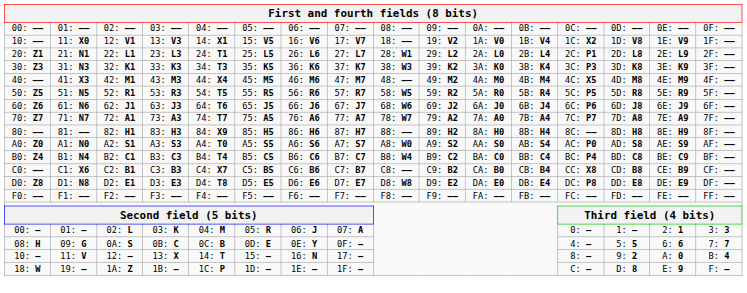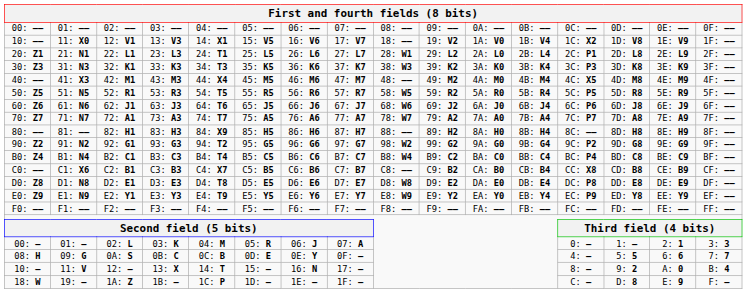 <table class="wikitable" style="text-align: center; font-family: monospace;">
 <tr>
 <th colspan=16 style="font-size: 125%; border: 1px solid red;"><strong>First and fourth fields (8 bits)</strong></th>
 </tr>
 <tr style="line-height: 100%;" width=6%>
 <td> 00: <strong>––</strong> </td>
 <td> 01: <strong>––</strong> </td>
 <td> 02: <strong>––</strong> </td>
 <td> 03: <strong>––</strong> </td>
 <td> 04: <strong>––</strong> </td>
 <td> 05: <strong>––</strong> </td>
 <td> 06: <strong>––</strong> </td>
 <td> 07: <strong>––</strong> </td>
 <td> 08: <strong>––</strong> </td>
 <td> 09: <strong>––</strong> </td>
 <td> 0A: <strong>––</strong> </td>
 <td> 0B: <strong>––</strong> </td>
 <td> 0C: <strong>––</strong> </td>
 <td> 0D: <strong>––</strong> </td>
 <td> 0E: <strong>––</strong> </td>
 <td> 0F: <strong>––</strong> </td>
 </tr>
 <tr style="line-height: 100%;">
 <td>10: <strong>––</strong></td>
 <td>11: <strong>X0</strong></td>
 <td>12: <strong>V1</strong></td>
 <td>13: <strong>V3</strong></td>
 <td>14: <strong>X1</strong></td>
 <td>15: <strong>V5</strong></td>
 <td>16: <strong>V6</strong></td>
 <td>17: <strong>V7</strong></td>
 <td>18: <strong>––</strong></td>
 <td>19: <strong>V2</strong></td>
 <td>1A: <strong>V0</strong></td>
 <td>1B: <strong>V4</strong></td>
 <td>1C: <strong>X2</strong></td>
 <td>1D: <strong>V8</strong></td>
 <td>1E: <strong>V9</strong></td>
 <td>1F: <strong>––</strong></td>
 </tr>
 <tr style="line-height: 100%;">
 <td>20: <strong>Z1</strong></td>
 <td>21: <strong>N1</strong></td>
 <td>22: <strong>L1</strong></td>
 <td>23: <strong>L3</strong></td>
 <td>24: <strong>T1</strong></td>
 <td>25: <strong>L5</strong></td>
 <td>26: <strong>L6</strong></td>
 <td>27: <strong>L7</strong></td>
 <td>28: <strong>W1</strong></td>
 <td>29: <strong>L2</strong></td>
 <td>2A: <strong>L0</strong></td>
 <td>2B: <strong>L4</strong></td>
 <td>2C: <strong>P1</strong></td>
 <td>2D: <strong>L8</strong></td>
 <td>2E: <strong>L9</strong></td>
 <td>2F: <strong>––</strong></td>
 </tr>
 <tr style="line-height: 100%;">
 <td>30: <strong>Z3</strong></td>
 <td>31: <strong>N3</strong></td>
 <td>32: <strong>K1</strong></td>
 <td>33: <strong>K3</strong></td>
 <td>34: <strong>T3</strong></td>
 <td>35: <strong>K5</strong></td>
 <td>36: <strong>K6</strong></td>
 <td>37: <strong>K7</strong></td>
 <td>38: <strong>W3</strong></td>
 <td>39: <strong>K2</strong></td>
 <td>3A: <strong>K0</strong></td>
 <td>3B: <strong>K4</strong></td>
 <td>3C: <strong>P3</strong></td>
 <td>3D: <strong>K8</strong></td>
 <td>3E: <strong>K9</strong></td>
 <td>3F: <strong>––</strong></td>
 </tr>
 <tr style="line-height: 100%;">
 <td>40: <strong>––</strong></td>
 <td>41: <strong>X3</strong></td>
 <td>42: <strong>M1</strong></td>
 <td>43: <strong>M3</strong></td>
 <td>44: <strong>X4</strong></td>
 <td>45: <strong>M5</strong></td>
 <td>46: <strong>M6</strong></td>
 <td>47: <strong>M7</strong></td>
 <td>48: <strong>––</strong></td>
 <td>49: <strong>M2</strong></td>
 <td>4A: <strong>M0</strong></td>
 <td>4B: <strong>M4</strong></td>
 <td>4C: <strong>X5</strong></td>
 <td>4D: <strong>M8</strong></td>
 <td>4E: <strong>M9</strong></td>
 <td>4F: <strong>––</strong></td>
 </tr>
 <tr style="line-height: 100%;">
 <td>50: <strong>Z5</strong></td>
 <td>51: <strong>N5</strong></td>
 <td>52: <strong>R1</strong></td>
 <td>53: <strong>R3</strong></td>
 <td>54: <strong>T5</strong></td>
 <td>55: <strong>R5</strong></td>
 <td>56: <strong>R6</strong></td>
 <td>57: <strong>R7</strong></td>
 <td>58: <strong>W5</strong></td>
 <td>59: <strong>R2</strong></td>
 <td>5A: <strong>R0</strong></td>
 <td>5B: <strong>R4</strong></td>
 <td>5C: <strong>P5</strong></td>
 <td>5D: <strong>R8</strong></td>
 <td>5E: <strong>R9</strong></td>
 <td>5F: <strong>––</strong></td>
 </tr>
 <tr style="line-height: 100%;">
 <td>60: <strong>Z6</strong></td>
 <td>61: <strong>N6</strong></td>
 <td>62: <strong>J1</strong></td>
 <td>63: <strong>J3</strong></td>
 <td>64: <strong>T6</strong></td>
 <td>65: <strong>J5</strong></td>
 <td>66: <strong>J6</strong></td>
 <td>67: <strong>J7</strong></td>
 <td>68: <strong>W6</strong></td>
 <td>69: <strong>J2</strong></td>
 <td>6A: <strong>J0</strong></td>
 <td>6B: <strong>J4</strong></td>
 <td>6C: <strong>P6</strong></td>
 <td>6D: <strong>J8</strong></td>
 <td>6E: <strong>J9</strong></td>
 <td>6F: <strong>––</strong></td>
 </tr>
 <tr style="line-height: 100%;">
 <td>70: <strong>Z7</strong></td>
 <td>71: <strong>N7</strong></td>
 <td>72: <strong>A1</strong></td>
 <td>73: <strong>A3</strong></td>
 <td>74: <strong>T7</strong></td>
 <td>75: <strong>A5</strong></td>
 <td>76: <strong>A6</strong></td>
 <td>77: <strong>A7</strong></td>
 <td>78: <strong>W7</strong></td>
 <td>79: <strong>A2</strong></td>
 <td>7A: <strong>A0</strong></td>
 <td>7B: <strong>A4</strong></td>
 <td>7C: <strong>P7</strong></td>
 <td>7D: <strong>A8</strong></td>
 <td>7E: <strong>A9</strong></td>
 <td>7F: <strong>––</strong></td>
 </tr>
 <tr style="line-height: 100%;">
 <td>80: <strong>––</strong></td>
 <td>81: <strong>––</strong></td>
 <td>82: <strong>H1</strong></td>
 <td>83: <strong>H3</strong></td>
 <td>84: <strong>X9</strong></td>
 <td>85: <strong>H5</strong></td>
 <td>86: <strong>H6</strong></td>
 <td>87: <strong>H7</strong></td>
 <td>88: <strong>––</strong></td>
 <td>89: <strong>H2</strong></td>
 <td>8A: <strong>H0</strong></td>
 <td>8B: <strong>H4</strong></td>
 <td>8C: <strong>––</strong></td>
 <td>8D: <strong>H8</strong></td>
 <td>8E: <strong>H9</strong></td>
 <td>8F: <strong>––</strong></td>
 </tr>
 <tr style="line-height: 100%;">
-<td>A0: <strong>Z0</strong></td>
-<td>A1: <strong>N0</strong></td>
-<td>A2: <strong>S1</strong></td>
-<td>A3: <strong>S3</strong></td>
-<td>A4: <strong>T0</strong></td>
-<td>A5: <strong>S5</strong></td>
-<td>A6: <strong>S6</strong></td>
-<td>A7: <strong>S7</strong></td>
-<td>A8: <strong>W0</strong></td>
-<td>A9: <strong>S2</strong></td>
-<td>AA: <strong>S0</strong></td>
-<td>AB: <strong>S4</strong></td>
-<td>AC: <strong>P0</strong></td>
-<td>AD: <strong>S8</strong></td>
-<td>AE: <strong>S9</strong></td>
-<td>AF: <strong>––</strong></td>
+<td>90: <strong>Z2</strong></td>
+<td>91: <strong>N2</strong></td>
+<td>92: <strong>G1</strong></td>
+<td>93: <strong>G3</strong></td>
+<td>94: <strong>T2</strong></td>
+<td>95: <strong>G5</strong></td>
+<td>96: <strong>G6</strong></td>
+<td>97: <strong>G7</strong></td>
+<td>98: <strong>W2</strong></td>
+<td>99: <strong>G2</strong></td>
+<td>9A: <strong>G0</strong></td>
+<td>9B: <strong>G4</strong></td>
+<td>9C: <strong>P2</strong></td>
+<td>9D: <strong>G8</strong></td>
+<td>9E: <strong>G9</strong></td>
+<td>9F: <strong>––</strong></td>
 </tr>
 <tr style="line-height: 100%;">
 <td>B0: <strong>Z4</strong></td>
 <td>B1: <strong>N4</strong></td>
 <td>B2: <strong>C1</strong></td>
 <td>B3: <strong>C3</strong></td>
 <td>B4: <strong>T4</strong></td>
 <td>B5: <strong>C5</strong></td>
 <td>B6: <strong>C6</strong></td>
 <td>B7: <strong>C7</strong></td>
 <td>B8: <strong>W4</strong></td>
 <td>B9: <strong>C2</strong></td>
 <td>BA: <strong>C0</strong></td>
 <td>BB: <strong>C4</strong></td>
 <td>BC: <strong>P4</strong></td>
 <td>BD: <strong>C8</strong></td>
 <td>BE: <strong>C9</strong></td>
 <td>BF: <strong>––</strong></td>
 </tr>
 <tr style="line-height: 100%;">
 <td>C0: <strong>––</strong></td>
 <td>C1: <strong>X6</strong></td>
 <td>C2: <strong>B1</strong></td>
 <td>C3: <strong>B3</strong></td>
 <td>C4: <strong>X7</strong></td>
 <td>C5: <strong>B5</strong></td>
 <td>C6: <strong>B6</strong></td>
 <td>C7: <strong>B7</strong></td>
 <td>C8: <strong>––</strong></td>
 <td>C9: <strong>B2</strong></td>
 <td>CA: <strong>B0</strong></td>
 <td>CB: <strong>B4</strong></td>
 <td>CC: <strong>X8</strong></td>
 <td>CD: <strong>B8</strong></td>
 <td>CE: <strong>B9</strong></td>
 <td>CF: <strong>––</strong></td>
 </tr>
 <tr style="line-height: 100%;">
 <td>D0: <strong>Z8</strong></td>
 <td>D1: <strong>N8</strong></td>
 <td>D2: <strong>E1</strong></td>
 <td>D3: <strong>E3</strong></td>
 <td>D4: <strong>T8</strong></td>
 <td>D5: <strong>E5</strong></td>
 <td>D6: <strong>E6</strong></td>
 <td>D7: <strong>E7</strong></td>
 <td>D8: <strong>W8</strong></td>
 <td>D9: <strong>E2</strong></td>
 <td>DA: <strong>E0</strong></td>
 <td>DB: <strong>E4</strong></td>
 <td>DC: <strong>P8</strong></td>
 <td>DD: <strong>E8</strong></td>
 <td>DE: <strong>E9</strong></td>
 <td>DF: <strong>––</strong></td>
+</tr>
+<tr style="line-height: 100%;">
+<td>E0: <strong>Z9</strong></td>
+<td>E1: <strong>N9</strong></td>
+<td>E2: <strong>Y1</strong></td>
+<td>E3: <strong>Y3</strong></td>
+<td>E4: <strong>T9</strong></td>
+<td>E5: <strong>Y5</strong></td>
+<td>E6: <strong>Y6</strong></td>
+<td>E7: <strong>Y7</strong></td>
+<td>E8: <strong>W9</strong></td>
+<td>E9: <strong>Y2</strong></td>
+<td>EA: <strong>Y0</strong></td>
+<td>EB: <strong>Y4</strong></td>
+<td>EC: <strong>P9</strong></td>
+<td>ED: <strong>Y8</strong></td>
+<td>EE: <strong>Y9</strong></td>
+<td>EF: <strong>––</strong></td>
 </tr>
 <tr style="line-height: 100%;">
 <td>F0: <strong>––</strong></td>
 <td>F1: <strong>––</strong></td>
 <td>F2: <strong>––</strong></td>
 <td>F3: <strong>––</strong></td>
 <td>F4: <strong>––</strong></td>
 <td>F5: <strong>––</strong></td>
 <td>F6: <strong>––</strong></td>
 <td>F7: <strong>––</strong></td>
 <td>F8: <strong>––</strong></td>
 <td>F9: <strong>––</strong></td>
 <td>FA: <strong>––</strong></td>
 <td>FB: <strong>––</strong></td>
 <td>FC: <strong>––</strong></td>
 <td>FD: <strong>––</strong></td>
 <td>FE: <strong>––</strong></td>
 <td>FF: <strong>––</strong></td>
 </tr>
 <tr>
 <td colspan=16 style="border: 0px"></td>
 </tr>
 <tr>
 <th colspan=8 style="font-size: 125%; border: 1px solid blue;"><strong>Second field (5 bits)</strong></th>
 <td colspan=4 rowspan=5 style="border: 0px;"></td>
 <th colspan=4 style="font-size: 125%; border: 1px solid #00C000;"><strong>Third field (4 bits)</strong></th>
 </tr>
 <tr width=12% style="line-height: 100%;">
 <td>00: <strong>—</strong></td>
 <td>01: <strong>—</strong></td>
 <td>02: <strong>L</strong></td>
 <td>03: <strong>K</strong></td>
 <td>04: <strong>M</strong></td>
 <td>05: <strong>R</strong></td>
 <td>06: <strong>J</strong></td>
 <td>07: <strong>A</strong></td>
 <td>0: <strong>—</strong></td>
 <td>1: <strong>—</strong></td>
 <td>2: <strong>1</strong></td>
 <td>3: <strong>3</strong></td>
 </tr>
 <tr style="line-height: 100%;">
 <td>08: <strong>H</strong></td>
 <td>09: <strong>G</strong></td>
 <td>0A: <strong>S</strong></td>
 <td>0B: <strong>C</strong></td>
 <td>0C: <strong>B</strong></td>
 <td>0D: <strong>E</strong></td>
 <td>0E: <strong>Y</strong></td>
 <td>0F: <strong>—</strong></td>
 <td>4: <strong>—</strong></td>
 <td>5: <strong>5</strong></td>
 <td>6: <strong>6</strong></td>
 <td>7: <strong>7</strong></td>
 </tr>
 <tr style="line-height: 100%;">
 <td>10: <strong>—</strong></td>
 <td>11: <strong>V</strong></td>
 <td>12: <strong>—</strong></td>
 <td>13: <strong>X</strong></td>
 <td>14: <strong>T</strong></td>
 <td>15: <strong>—</strong></td>
 <td>16: <strong>N</strong></td>
 <td>17: <strong>—</strong></td>
 <td>8: <strong>—</strong></td>
 <td>9: <strong>2</strong></td>
 <td>A: <strong>0</strong></td>
 <td>B: <strong>4</strong></td>
 </tr>
 <tr style="line-height: 100%;">
 <td>18: <strong>W</strong></td>
 <td>19: <strong>—</strong></td>
 <td>1A: <strong>Z</strong></td>
 <td>1B: <strong>—</strong></td>
 <td>1C: <strong>P</strong></td>
 <td>1D: <strong>—</strong></td>
 <td>1E: <strong>—</strong></td>
 <td>1F: <strong>—</strong></td>
 <td>C: <strong>—</strong></td>
 <td>D: <strong>8</strong></td>
 <td>E: <strong>9</strong></td>
 <td>F: <strong>—</strong></td>
 </tr>
 </table>
